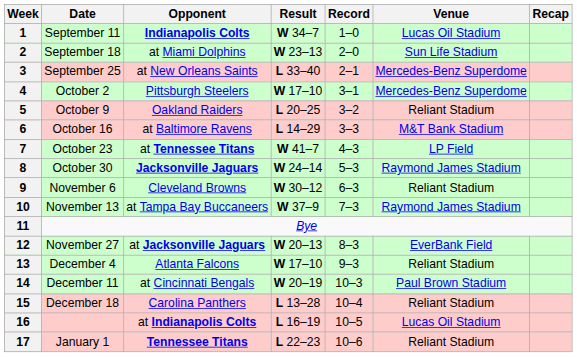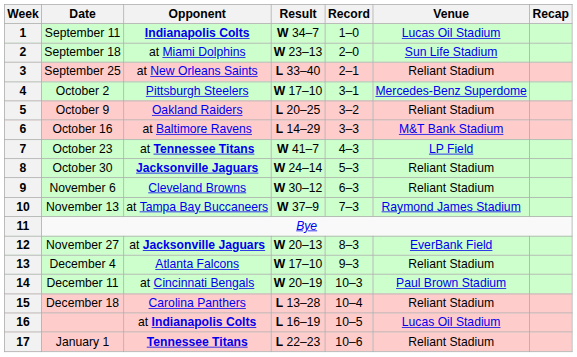 <table class="wikitable" style="text-align:center">
 <tr>
 <th>Week</th>
 <th>Date</th>
 <th>Opponent</th>
 <th>Result</th>
 <th>Record</th>
 <th>Venue</th>
 <th>Recap</th>
 </tr>
 <tr style="background:#cfc">
 <th>1</th>
 <td>September 11</td>
 <td><strong><a href='#'>Indianapolis Colts</a></strong></td>
 <td><strong>W</strong> 34–7</td>
 <td>1–0</td>
 <td><a href='#'>Lucas Oil Stadium</a></td>
 <td></td>
 </tr>
 <tr style="background:#cfc">
 <th>2</th>
 <td>September 18</td>
 <td>at <a href='#'>Miami Dolphins</a></td>
 <td><strong>W</strong> 23–13</td>
 <td>2–0</td>
 <td><a href='#'>Sun Life Stadium</a></td>
 <td></td>
 </tr>
 <tr style="background:#fcc">
 <th>3</th>
 <td>September 25</td>
 <td>at <a href='#'>New Orleans Saints</a></td>
 <td><strong>L</strong> 33–40</td>
 <td>2–1</td>
-<td><a href='#'>Mercedes-Benz Superdome</a></td>
+<td>Reliant Stadium</td>
 <td></td>
 </tr>
 <tr style="background:#cfc">
 <th>4</th>
 <td>October 2</td>
 <td><a href='#'>Pittsburgh Steelers</a></td>
 <td><strong>W</strong> 17–10</td>
 <td>3–1</td>
 <td><a href='#'>Mercedes-Benz Superdome</a></td>
 <td></td>
 </tr>
 <tr style="background:#fcc">
 <th>5</th>
 <td>October 9</td>
 <td><a href='#'>Oakland Raiders</a></td>
 <td><strong>L</strong> 20–25</td>
 <td>3–2</td>
 <td>Reliant Stadium</td>
 <td></td>
 </tr>
 <tr style="background:#fcc">
 <th>6</th>
 <td>October 16</td>
 <td>at <a href='#'>Baltimore Ravens</a></td>
 <td><strong>L</strong> 14–29</td>
 <td>3–3</td>
 <td><a href='#'>M&T Bank Stadium</a></td>
 <td></td>
 </tr>
 <tr style="background:#cfc">
 <th>7</th>
 <td>October 23</td>
 <td>at <strong><a href='#'>Tennessee Titans</a></strong></td>
 <td><strong>W</strong> 41–7</td>
 <td>4–3</td>
 <td><a href='#'>LP Field</a></td>
 <td></td>
 </tr>
 <tr style="background:#cfc">
 <th>8</th>
 <td>October 30</td>
 <td><strong><a href='#'>Jacksonville Jaguars</a></strong></td>
 <td><strong>W</strong> 24–14</td>
 <td>5–3</td>
-<td><a href='#'>Raymond James Stadium</a></td>
+<td>Reliant Stadium</td>
 <td></td>
 </tr>
 <tr style="background:#cfc">
 <th>9</th>
 <td>November 6</td>
 <td><a href='#'>Cleveland Browns</a></td>
 <td><strong>W</strong> 30–12</td>
 <td>6–3</td>
 <td>Reliant Stadium</td>
 <td></td>
 </tr>
 <tr style="background:#cfc">
 <th>10</th>
 <td>November 13</td>
 <td>at <a href='#'>Tampa Bay Buccaneers</a></td>
 <td><strong>W</strong> 37–9</td>
 <td>7–3</td>
 <td><a href='#'>Raymond James Stadium</a></td>
 <td></td>
 </tr>
 <tr>
 <th>11</th>
 <td colspan="6"><em><a href='#'>Bye</a></em></td>
 </tr>
 <tr style="background:#cfc">
 <th>12</th>
 <td>November 27</td>
 <td>at <strong><a href='#'>Jacksonville Jaguars</a></strong></td>
 <td><strong>W</strong> 20–13</td>
 <td>8–3</td>
 <td><a href='#'>EverBank Field</a></td>
 <td></td>
 </tr>
 <tr style="background:#cfc">
 <th>13</th>
 <td>December 4</td>
 <td><a href='#'>Atlanta Falcons</a></td>
 <td><strong>W</strong> 17–10</td>
 <td>9–3</td>
 <td>Reliant Stadium</td>
 <td></td>
 </tr>
 <tr style="background:#cfc">
 <th>14</th>
 <td>December 11</td>
 <td>at <a href='#'>Cincinnati Bengals</a></td>
 <td><strong>W</strong> 20–19</td>
 <td>10–3</td>
 <td><a href='#'>Paul Brown Stadium</a></td>
 <td></td>
 </tr>
 <tr style="background:#fcc">
 <th>15</th>
 <td>December 18</td>
 <td><a href='#'>Carolina Panthers</a></td>
 <td><strong>L</strong> 13–28</td>
 <td>10–4</td>
 <td>Reliant Stadium</td>
 <td></td>
 </tr>
 <tr style="background:#fcc">
 <th>16</th>
 <td></td>
 <td>at <strong><a href='#'>Indianapolis Colts</a></strong></td>
 <td><strong>L</strong> 16–19</td>
 <td>10–5</td>
 <td><a href='#'>Lucas Oil Stadium</a></td>
 <td></td>
 </tr>
 <tr style="background:#fcc">
 <th>17</th>
 <td>January 1</td>
 <td><strong><a href='#'>Tennessee Titans</a></strong></td>
 <td><strong>L</strong> 22–23</td>
 <td>10–6</td>
 <td>Reliant Stadium</td>
 <td></td>
 </tr>
 </table>
